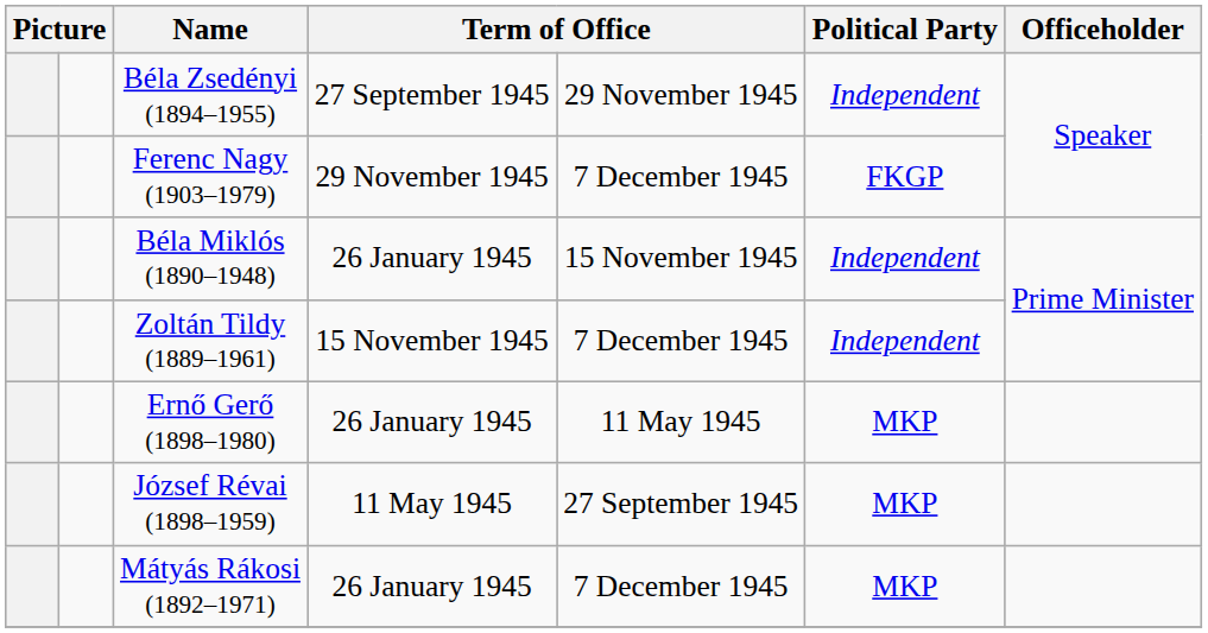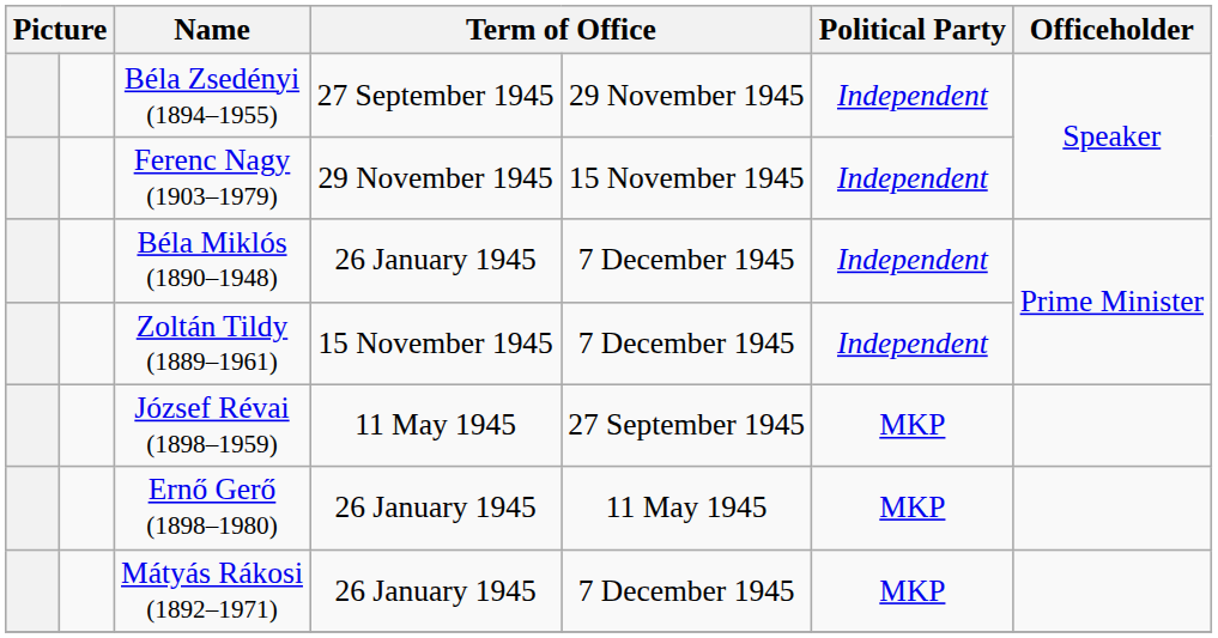 <table class="wikitable" style="text-align:center">
 <tr>
 <th colspan=2>Picture</th>
 <th>Name<br></th>
 <th colspan=2>Term of Office</th>
 <th>Political Party</th>
 <th>Officeholder</th>
 </tr>
 <tr>
 <th style="background-color:"></th>
 <td></td>
 <td><a href='#'>Béla Zsedényi</a><br><small>(1894–1955)</small></td>
 <td>27 September 1945</td>
 <td>29 November 1945</td>
 <td><em><a href='#'>Independent</a></em></td>
 <td rowspan=2><a href='#'>Speaker</a></td>
 </tr>
 <tr>
 <th style="background-color:"></th>
 <td></td>
 <td><a href='#'>Ferenc Nagy</a><br><small>(1903–1979)</small></td>
 <td>29 November 1945</td>
-<td>7 December 1945</td>
-<td><a href='#'>FKGP</a></td>
+<td>15 November 1945</td>
+<td><em><a href='#'>Independent</a></em></td>
 </tr>
 <tr>
 <th style="background-color:"></th>
 <td></td>
 <td><a href='#'>Béla Miklós</a><br><small>(1890–1948)</small></td>
 <td>26 January 1945</td>
-<td>15 November 1945</td>
+<td>7 December 1945</td>
 <td><em><a href='#'>Independent</a></em></td>
 <td rowspan=2><a href='#'>Prime Minister</a></td>
 </tr>
 <tr>
 <th style="background-color:"></th>
 <td></td>
 <td><a href='#'>Zoltán Tildy</a><br><small>(1889–1961)</small></td>
 <td>15 November 1945</td>
 <td>7 December 1945</td>
 <td><em><a href='#'>Independent</a></em></td>
 </tr>
 <tr>
 <th style="background-color:"></th>
 <td></td>
-<td><a href='#'>Ernő Gerő</a><br><small>(1898–1980)</small></td>
-<td>26 January 1945</td>
+<td><a href='#'>József Révai</a><br><small>(1898–1959)</small></td>
 <td>11 May 1945</td>
+<td>27 September 1945</td>
 <td><a href='#'>MKP</a></td>
 <td></td>
 </tr>
 <tr>
 <th style="background-color:"></th>
 <td></td>
-<td><a href='#'>József Révai</a><br><small>(1898–1959)</small></td>
+<td><a href='#'>Ernő Gerő</a><br><small>(1898–1980)</small></td>
+<td>26 January 1945</td>
 <td>11 May 1945</td>
-<td>27 September 1945</td>
 <td><a href='#'>MKP</a></td>
 <td></td>
 </tr>
 <tr>
 <th style="background-color:"></th>
 <td></td>
 <td><a href='#'>Mátyás Rákosi</a><br><small>(1892–1971)</small></td>
 <td>26 January 1945</td>
 <td>7 December 1945</td>
 <td><a href='#'>MKP</a></td>
 <td></td>
 </tr>
 <tr>
 </tr>
 </table>
